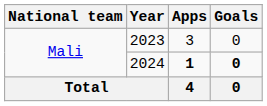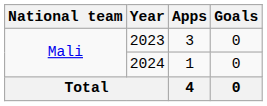 <table class="wikitable" style="text-align:center">
 <tr>
 <th>National team</th>
 <th>Year</th>
 <th>Apps</th>
 <th>Goals</th>
 </tr>
 <tr>
 <td rowspan="2"><a href='#'>Mali</a></td>
 <td>2023</td>
 <td>3</td>
 <td>0</td>
 </tr>
 <tr>
 <td>2024</td>
-<td><strong>1</strong></td>
-<td><strong>0</strong></td>
+<td>1</td>
+<td>0</td>
 </tr>
 <tr>
 <th colspan="2">Total</th>
 <th>4</th>
 <th>0</th>
 </tr>
 </table>
